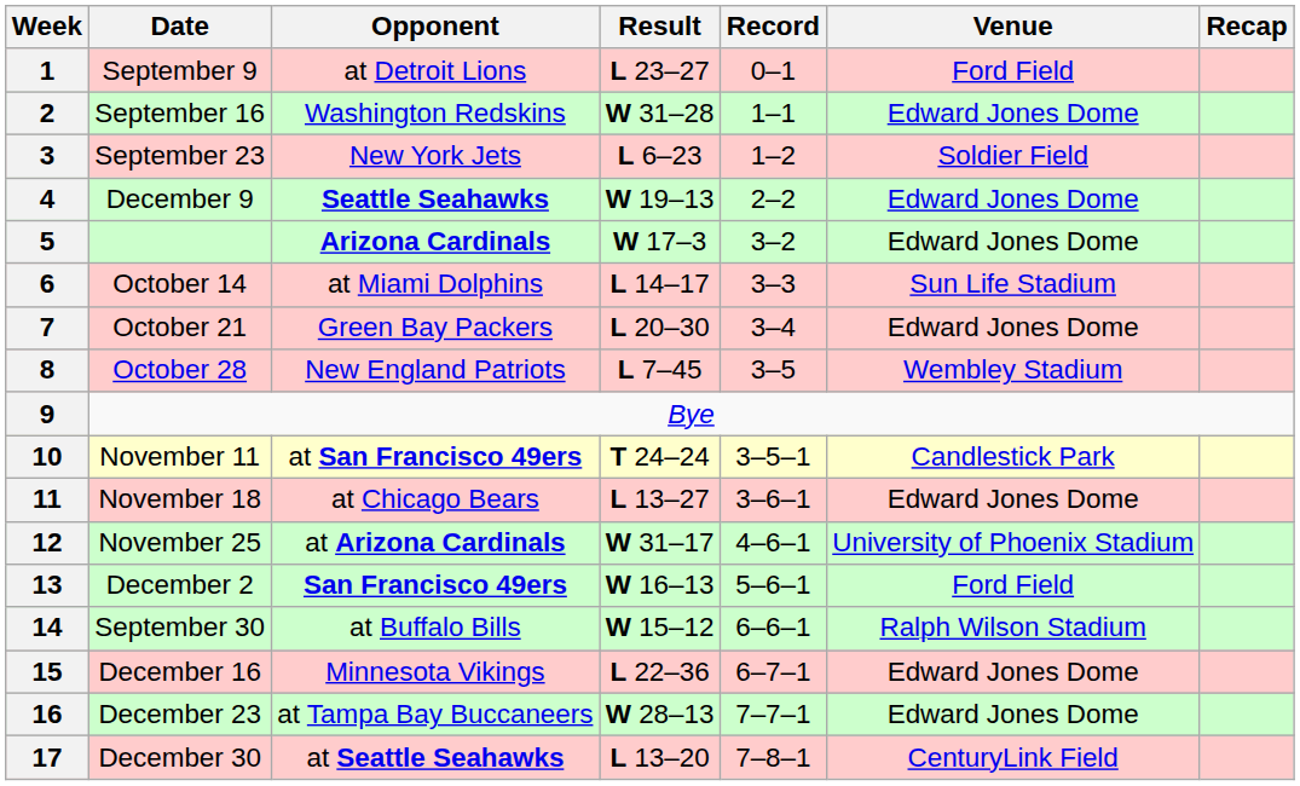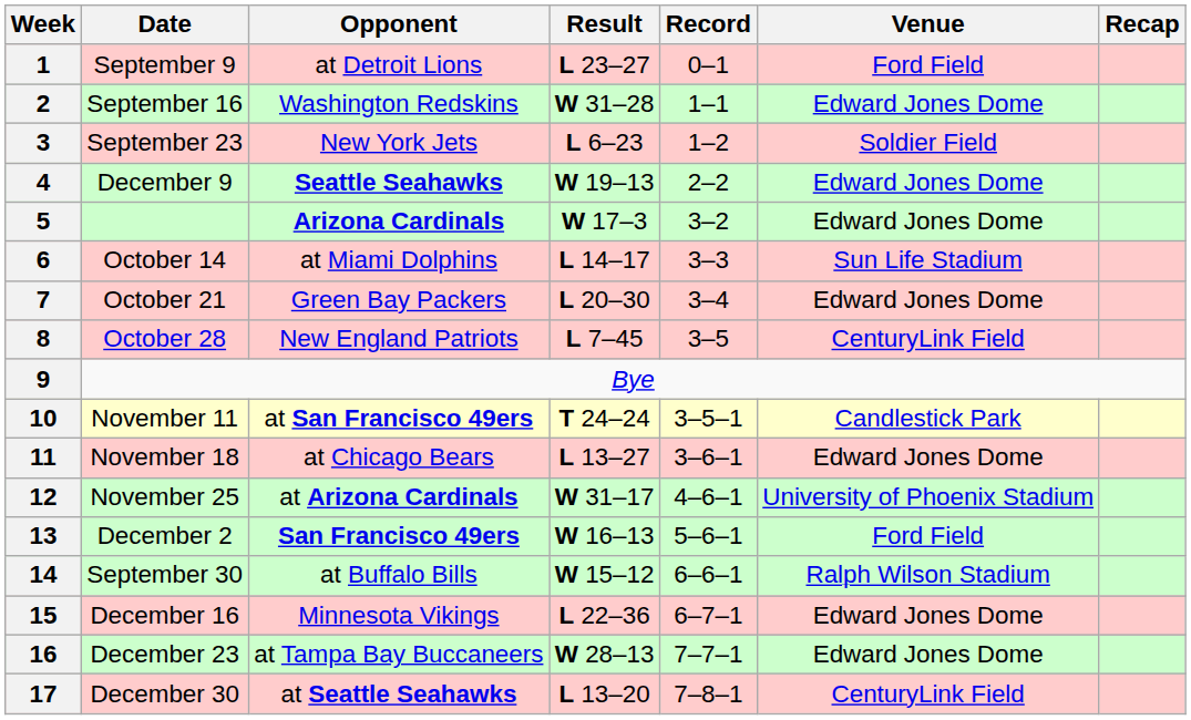 <table class="wikitable" style="text-align:center">
 <tr>
 <th>Week</th>
 <th>Date</th>
 <th>Opponent</th>
 <th>Result</th>
 <th>Record</th>
 <th>Venue</th>
 <th>Recap</th>
 </tr>
 <tr style="background:#fcc">
 <th>1</th>
 <td>September 9</td>
 <td>at <a href='#'>Detroit Lions</a></td>
 <td><strong>L</strong> 23–27</td>
 <td>0–1</td>
 <td><a href='#'>Ford Field</a></td>
 <td></td>
 </tr>
 <tr style="background:#cfc">
 <th>2</th>
 <td>September 16</td>
 <td><a href='#'>Washington Redskins</a></td>
 <td><strong>W</strong> 31–28</td>
 <td>1–1</td>
 <td><a href='#'>Edward Jones Dome</a></td>
 <td></td>
 </tr>
 <tr style="background:#fcc">
 <th>3</th>
 <td>September 23</td>
 <td><a href='#'>New York Jets</a></td>
 <td><strong>L</strong> 6–23</td>
 <td>1–2</td>
 <td><a href='#'>Soldier Field</a></td>
 <td></td>
 </tr>
 <tr style="background:#cfc">
 <th>4</th>
 <td>December 9</td>
 <td><strong><a href='#'>Seattle Seahawks</a></strong></td>
 <td><strong>W</strong> 19–13</td>
 <td>2–2</td>
 <td><a href='#'>Edward Jones Dome</a></td>
 <td></td>
 </tr>
 <tr style="background:#cfc">
 <th>5</th>
 <td></td>
 <td><strong><a href='#'>Arizona Cardinals</a></strong></td>
 <td><strong>W</strong> 17–3</td>
 <td>3–2</td>
 <td>Edward Jones Dome</td>
 <td></td>
 </tr>
 <tr style="background:#fcc">
 <th>6</th>
 <td>October 14</td>
 <td>at <a href='#'>Miami Dolphins</a></td>
 <td><strong>L</strong> 14–17</td>
 <td>3–3</td>
 <td><a href='#'>Sun Life Stadium</a></td>
 <td></td>
 </tr>
 <tr style="background:#fcc">
 <th>7</th>
 <td>October 21</td>
 <td><a href='#'>Green Bay Packers</a></td>
 <td><strong>L</strong> 20–30</td>
 <td>3–4</td>
 <td>Edward Jones Dome</td>
 <td></td>
 </tr>
 <tr style="background:#fcc">
 <th>8</th>
 <td><a href='#'>October 28</a></td>
 <td><a href='#'>New England Patriots</a></td>
 <td><strong>L</strong> 7–45</td>
 <td>3–5</td>
-<td> <a href='#'>Wembley Stadium</a> </td>
+<td><a href='#'>CenturyLink Field</a></td>
 <td></td>
 </tr>
 <tr>
 <th>9</th>
 <td colspan="6"><em><a href='#'>Bye</a></em></td>
 </tr>
 <tr style="background:#ffc">
 <th>10</th>
 <td>November 11</td>
 <td>at <strong><a href='#'>San Francisco 49ers</a></strong></td>
 <td><strong>T</strong> 24–24</td>
 <td>3–5–1</td>
 <td><a href='#'>Candlestick Park</a></td>
 <td></td>
 </tr>
 <tr style="background:#fcc">
 <th>11</th>
 <td>November 18</td>
 <td>at <a href='#'>Chicago Bears</a></td>
 <td><strong>L</strong> 13–27</td>
 <td>3–6–1</td>
 <td>Edward Jones Dome</td>
 <td></td>
 </tr>
 <tr style="background:#cfc">
 <th>12</th>
 <td>November 25</td>
 <td>at <strong><a href='#'>Arizona Cardinals</a></strong></td>
 <td><strong>W</strong> 31–17</td>
 <td>4–6–1</td>
 <td><a href='#'>University of Phoenix Stadium</a></td>
 <td></td>
 </tr>
 <tr style="background:#cfc">
 <th>13</th>
 <td>December 2</td>
 <td><strong><a href='#'>San Francisco 49ers</a></strong></td>
 <td><strong>W</strong> 16–13</td>
 <td>5–6–1</td>
 <td><a href='#'>Ford Field</a></td>
 <td></td>
 </tr>
 <tr style="background:#cfc">
 <th>14</th>
 <td>September 30</td>
 <td>at <a href='#'>Buffalo Bills</a></td>
 <td><strong>W</strong> 15–12</td>
 <td>6–6–1</td>
 <td><a href='#'>Ralph Wilson Stadium</a></td>
 <td></td>
 </tr>
 <tr style="background:#fcc">
 <th>15</th>
 <td>December 16</td>
 <td><a href='#'>Minnesota Vikings</a></td>
 <td><strong>L</strong> 22–36</td>
 <td>6–7–1</td>
 <td>Edward Jones Dome</td>
 <td></td>
 </tr>
 <tr style="background:#cfc">
 <th>16</th>
 <td>December 23</td>
 <td>at <a href='#'>Tampa Bay Buccaneers</a></td>
 <td><strong>W</strong> 28–13</td>
 <td>7–7–1</td>
 <td>Edward Jones Dome</td>
 <td></td>
 </tr>
 <tr style="background:#fcc">
 <th>17</th>
 <td>December 30</td>
 <td>at <strong><a href='#'>Seattle Seahawks</a></strong></td>
 <td><strong>L</strong> 13–20</td>
 <td>7–8–1</td>
 <td><a href='#'>CenturyLink Field</a></td>
 <td></td>
 </tr>
 </table>
